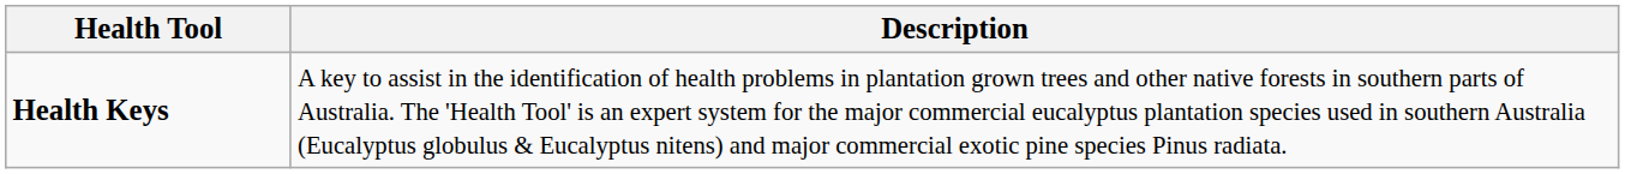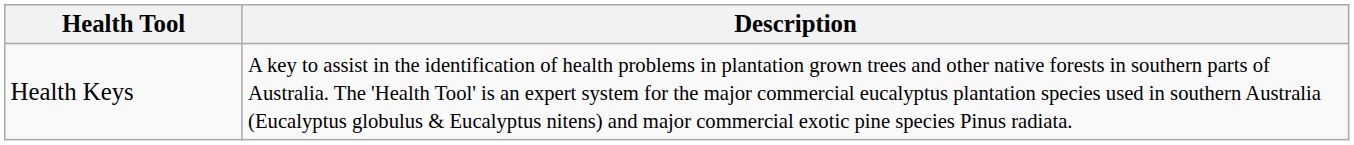 <table class="wikitable">
 <tr>
 <th style="width: 18em;">Health Tool</th>
 <th style="width: 100em;">Description</th>
 </tr>
 <tr>
-<td><strong>Health Keys</strong></td>
+<td>Health Keys</td>
 <td><small>A key to assist in the identification of health problems in plantation grown trees and other native forests in southern parts of Australia. The 'Health Tool' is an expert system for the major commercial eucalyptus plantation species used in southern Australia (Eucalyptus globulus & Eucalyptus nitens) and major commercial exotic pine species Pinus radiata.</small></td>
 </tr>
 </table>
